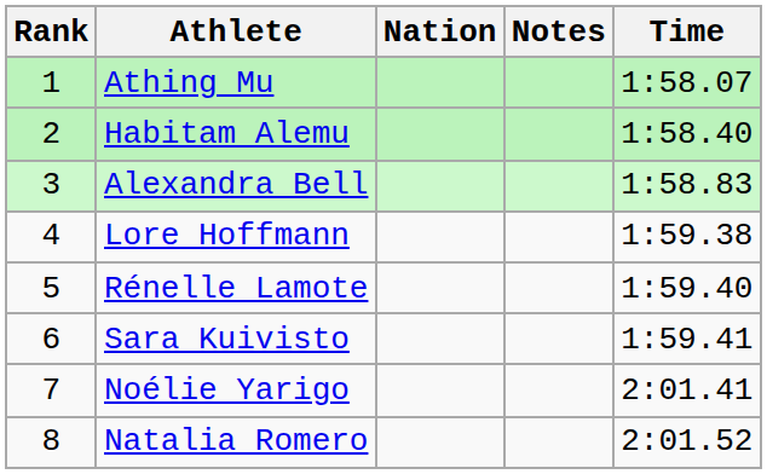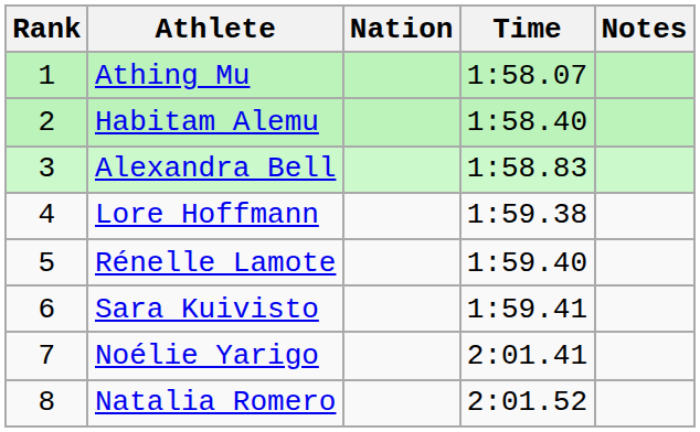 <table class="wikitable sortable" style="text-align:center;">
 <tr>
 <th>Rank</th>
 <th>Athlete</th>
 <th>Nation</th>
+<th>Time</th>
 <th>Notes</th>
-<th>Time</th>
 </tr>
 <tr bgcolor=#bbf3bb>
 <td>1</td>
 <td align="left"><a href='#'>Athing Mu</a></td>
 <td align="left"></td>
+<td>1:58.07</td>
 <td></td>
-<td>1:58.07</td>
 </tr>
 <tr bgcolor=#bbf3bb>
 <td>2</td>
 <td align="left"><a href='#'>Habitam Alemu</a></td>
 <td align="left"></td>
+<td>1:58.40</td>
 <td></td>
-<td>1:58.40</td>
 </tr>
 <tr bgcolor=#ccf9cc>
 <td>3</td>
 <td align="left"><a href='#'>Alexandra Bell</a></td>
 <td align="left"></td>
+<td>1:58.83</td>
 <td></td>
-<td>1:58.83</td>
 </tr>
 <tr>
 <td>4</td>
 <td align="left"><a href='#'>Lore Hoffmann</a></td>
 <td align="left"></td>
+<td>1:59.38</td>
 <td></td>
-<td>1:59.38</td>
 </tr>
 <tr>
 <td>5</td>
 <td align="left"><a href='#'>Rénelle Lamote</a></td>
 <td align="left"></td>
+<td>1:59.40</td>
 <td></td>
-<td>1:59.40</td>
 </tr>
 <tr>
 <td>6</td>
 <td align="left"><a href='#'>Sara Kuivisto</a></td>
 <td align="left"></td>
+<td>1:59.41</td>
 <td></td>
-<td>1:59.41</td>
 </tr>
 <tr>
 <td>7</td>
 <td align="left"><a href='#'>Noélie Yarigo</a></td>
 <td align="left"></td>
+<td>2:01.41</td>
 <td></td>
-<td>2:01.41</td>
 </tr>
 <tr>
 <td>8</td>
 <td align="left"><a href='#'>Natalia Romero</a></td>
 <td align="left"></td>
+<td>2:01.52</td>
 <td></td>
-<td>2:01.52</td>
 </tr>
 </table>
